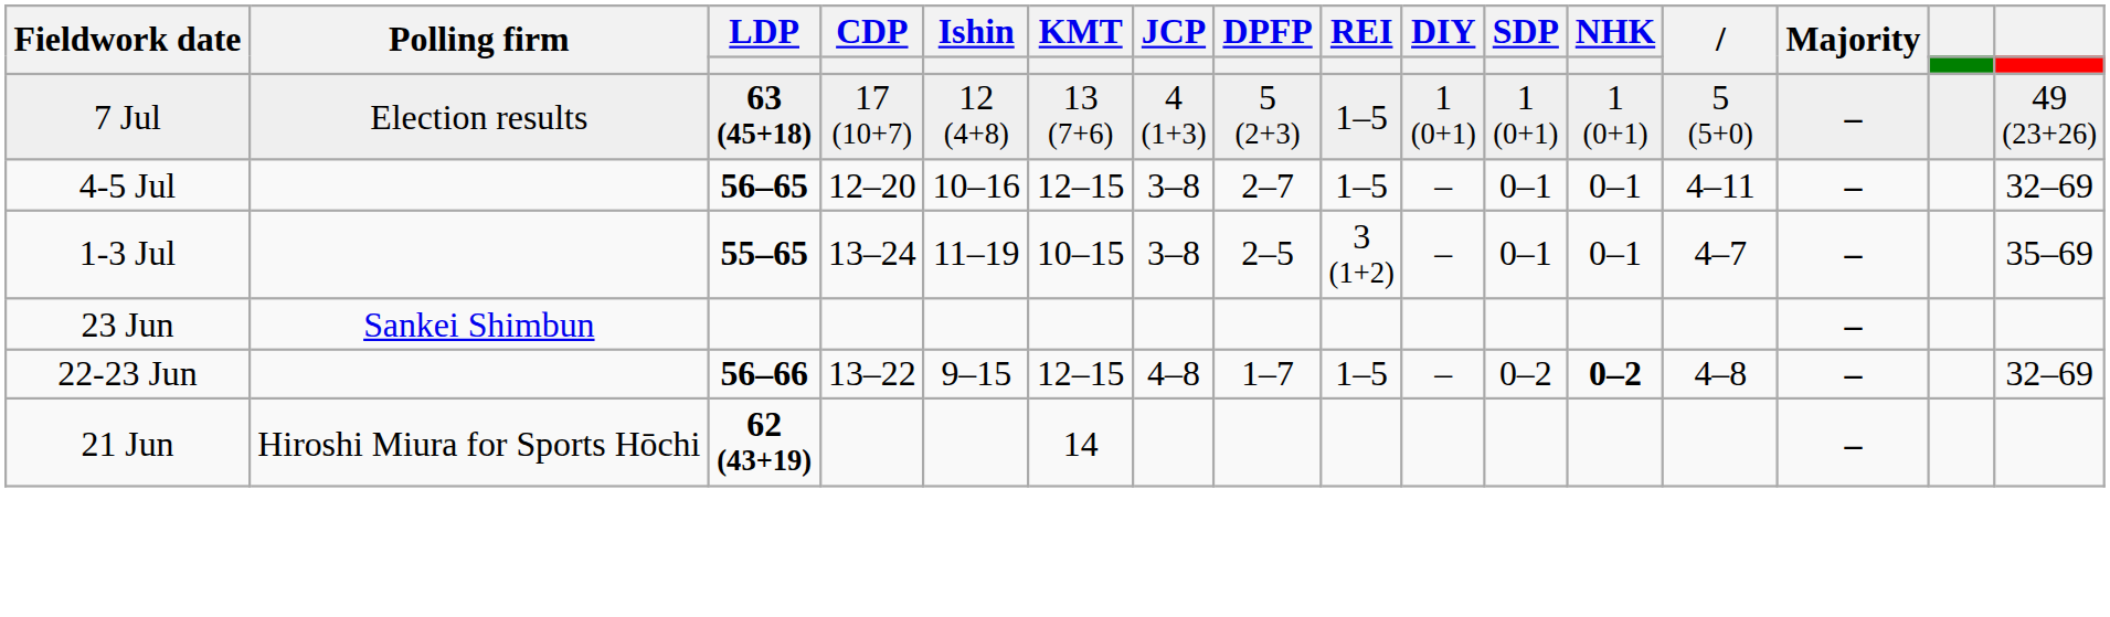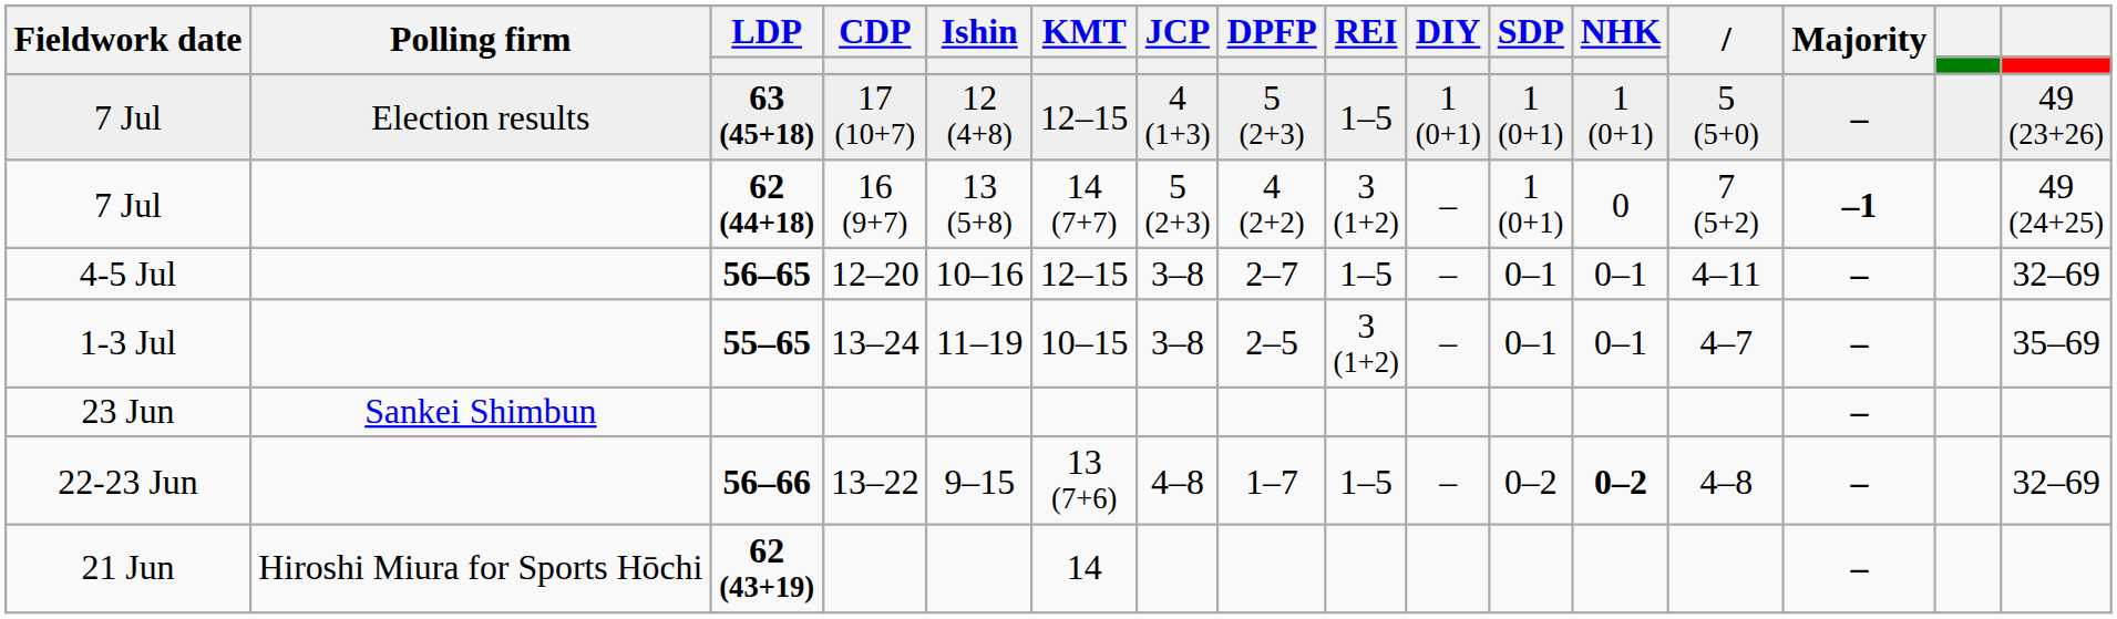 <table class="wikitable mw-datatable sortable mw-collapsible" style="text-align:center;font-size:90%;line-height:14px;">
 <tr>
 <th class="unsortable" rowspan="2">Fieldwork date</th>
 <th class="unsortable" rowspan="2">Polling firm</th>
 <th class="unsortable"><a href='#'>LDP</a></th>
 <th class="unsortable"><a href='#'>CDP</a></th>
 <th class="unsortable"><a href='#'>Ishin</a></th>
 <th class="unsortable"><a href='#'>KMT</a></th>
 <th class="unsortable"><a href='#'>JCP</a></th>
 <th class="unsortable"><a href='#'>DPFP</a></th>
 <th class="unsortable"><a href='#'>REI</a></th>
 <th class="unsortable"><a href='#'>DIY</a></th>
 <th class="unsortable"><a href='#'>SDP</a></th>
 <th class="unsortable"><a href='#'>NHK</a></th>
 <th rowspan="2" class="unsortable" width="40px">/<br></th>
 <th rowspan="2">Majority</th>
 <th class="unsortable" style="width:20px;"></th>
 <th class="unsortable" style="width:20px;"></th>
 </tr>
 <tr>
 <th data-sort-type="number" style="background:"></th>
 <th data-sort-type="number" style="background:"></th>
 <th data-sort-type="number" style="background:"></th>
 <th data-sort-type="number" style="background:"></th>
 <th data-sort-type="number" style="background:"></th>
 <th data-sort-type="number" style="background:"></th>
 <th data-sort-type="number" style="background:"></th>
 <th data-sort-type="number" style="background:"></th>
 <th data-sort-type="number" style="background:"></th>
 <th data-sort-type="number" style="background:"></th>
 <th data-sort-type="number" style="background:Green;"></th>
 <th data-sort-type="number" style="background:Red;"></th>
 </tr>
 <tr style="background:#EFEFEF;">
 <td>7 Jul</td>
 <td>Election results</td>
 <td><strong>63</strong><br><small><strong>(45+18)</strong></small></td>
 <td>17<br><small>(10+7)</small></td>
 <td>12<br><small>(4+8)</small></td>
-<td>13<br><small>(7+6)</small></td>
+<td>12–15</td>
 <td>4<br><small>(1+3)</small></td>
 <td>5<br><small>(2+3)</small></td>
 <td>1–5</td>
 <td>1<br><small>(0+1)</small></td>
 <td>1<br><small>(0+1)</small></td>
 <td>1<br><small>(0+1)</small></td>
 <td>5<br><small>(5+0)</small></td>
 <td style="background:"><strong>–</strong></td>
 <td></td>
 <td>49<br><small>(23+26)</small></td>
+</tr>
+<tr>
+<td>7 Jul</td>
+<td></td>
+<td><strong>62</strong><br><small><strong>(44+18)</strong></small></td>
+<td>16<br><small>(9+7)</small></td>
+<td>13<br><small>(5+8)</small></td>
+<td>14<br><small>(7+7)</small></td>
+<td>5<br><small>(2+3)</small></td>
+<td>4<br><small>(2+2)</small></td>
+<td>3<br><small>(1+2)</small></td>
+<td>–</td>
+<td>1<br><small>(0+1)</small></td>
+<td>0</td>
+<td>7<br><small>(5+2)</small></td>
+<td style="background:"><strong>–1</strong></td>
+<td></td>
+<td>49<br><small>(24+25)</small></td>
 </tr>
 <tr>
 <td>4-5 Jul</td>
 <td></td>
 <td><strong>56–65</strong></td>
 <td>12–20</td>
 <td>10–16</td>
 <td>12–15</td>
 <td>3–8</td>
 <td>2–7</td>
 <td>1–5</td>
 <td>–</td>
 <td>0–1</td>
 <td>0–1</td>
 <td>4–11</td>
 <td style="background:"><strong>–</strong></td>
 <td></td>
 <td>32–69</td>
 </tr>
 <tr>
 <td>1-3 Jul</td>
 <td></td>
 <td><strong>55–65</strong></td>
 <td>13–24</td>
 <td>11–19</td>
 <td>10–15</td>
 <td>3–8</td>
 <td>2–5</td>
 <td>3<br><small>(1+2)</small></td>
 <td>–</td>
 <td>0–1</td>
 <td>0–1</td>
 <td>4–7</td>
 <td style="background:"><strong>–</strong></td>
 <td></td>
 <td>35–69</td>
 </tr>
 <tr>
 <td>23 Jun</td>
 <td><a href='#'>Sankei Shimbun</a></td>
 <td></td>
 <td></td>
 <td></td>
 <td></td>
 <td></td>
 <td></td>
 <td></td>
 <td></td>
 <td></td>
 <td></td>
 <td></td>
 <td style="background:"><strong>–</strong></td>
 <td></td>
 <td></td>
 </tr>
 <tr>
 <td>22-23 Jun</td>
 <td></td>
 <td><strong>56–66</strong></td>
 <td>13–22</td>
 <td>9–15</td>
-<td>12–15</td>
+<td>13<br><small>(7+6)</small></td>
 <td>4–8</td>
 <td>1–7</td>
 <td>1–5</td>
 <td>–</td>
 <td>0–2</td>
 <td><strong>0–2</strong></td>
 <td>4–8</td>
 <td style="background:"><strong>–</strong></td>
 <td></td>
 <td>32–69</td>
 </tr>
 <tr>
 <td>21 Jun</td>
 <td>Hiroshi Miura for Sports Hōchi</td>
 <td><strong>62</strong><br><small><strong>(43+19)</strong></small></td>
 <td></td>
 <td></td>
 <td>14</td>
 <td></td>
 <td></td>
 <td></td>
 <td></td>
 <td></td>
 <td></td>
 <td></td>
 <td style="background:"><strong>–</strong></td>
 <td></td>
 <td></td>
 </tr>
 </table>
